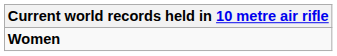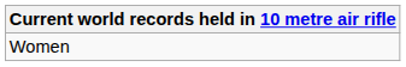 <table class="wikitable" style="font-size: 95%">
 <tr>
 <th colspan=9>Current world records held in <a href='#'>10 metre air rifle</a></th>
 </tr>
 <tr>
-<td><strong>Women<br></strong></td>
+<td>Women<br></td>
 </tr>
 </table>
